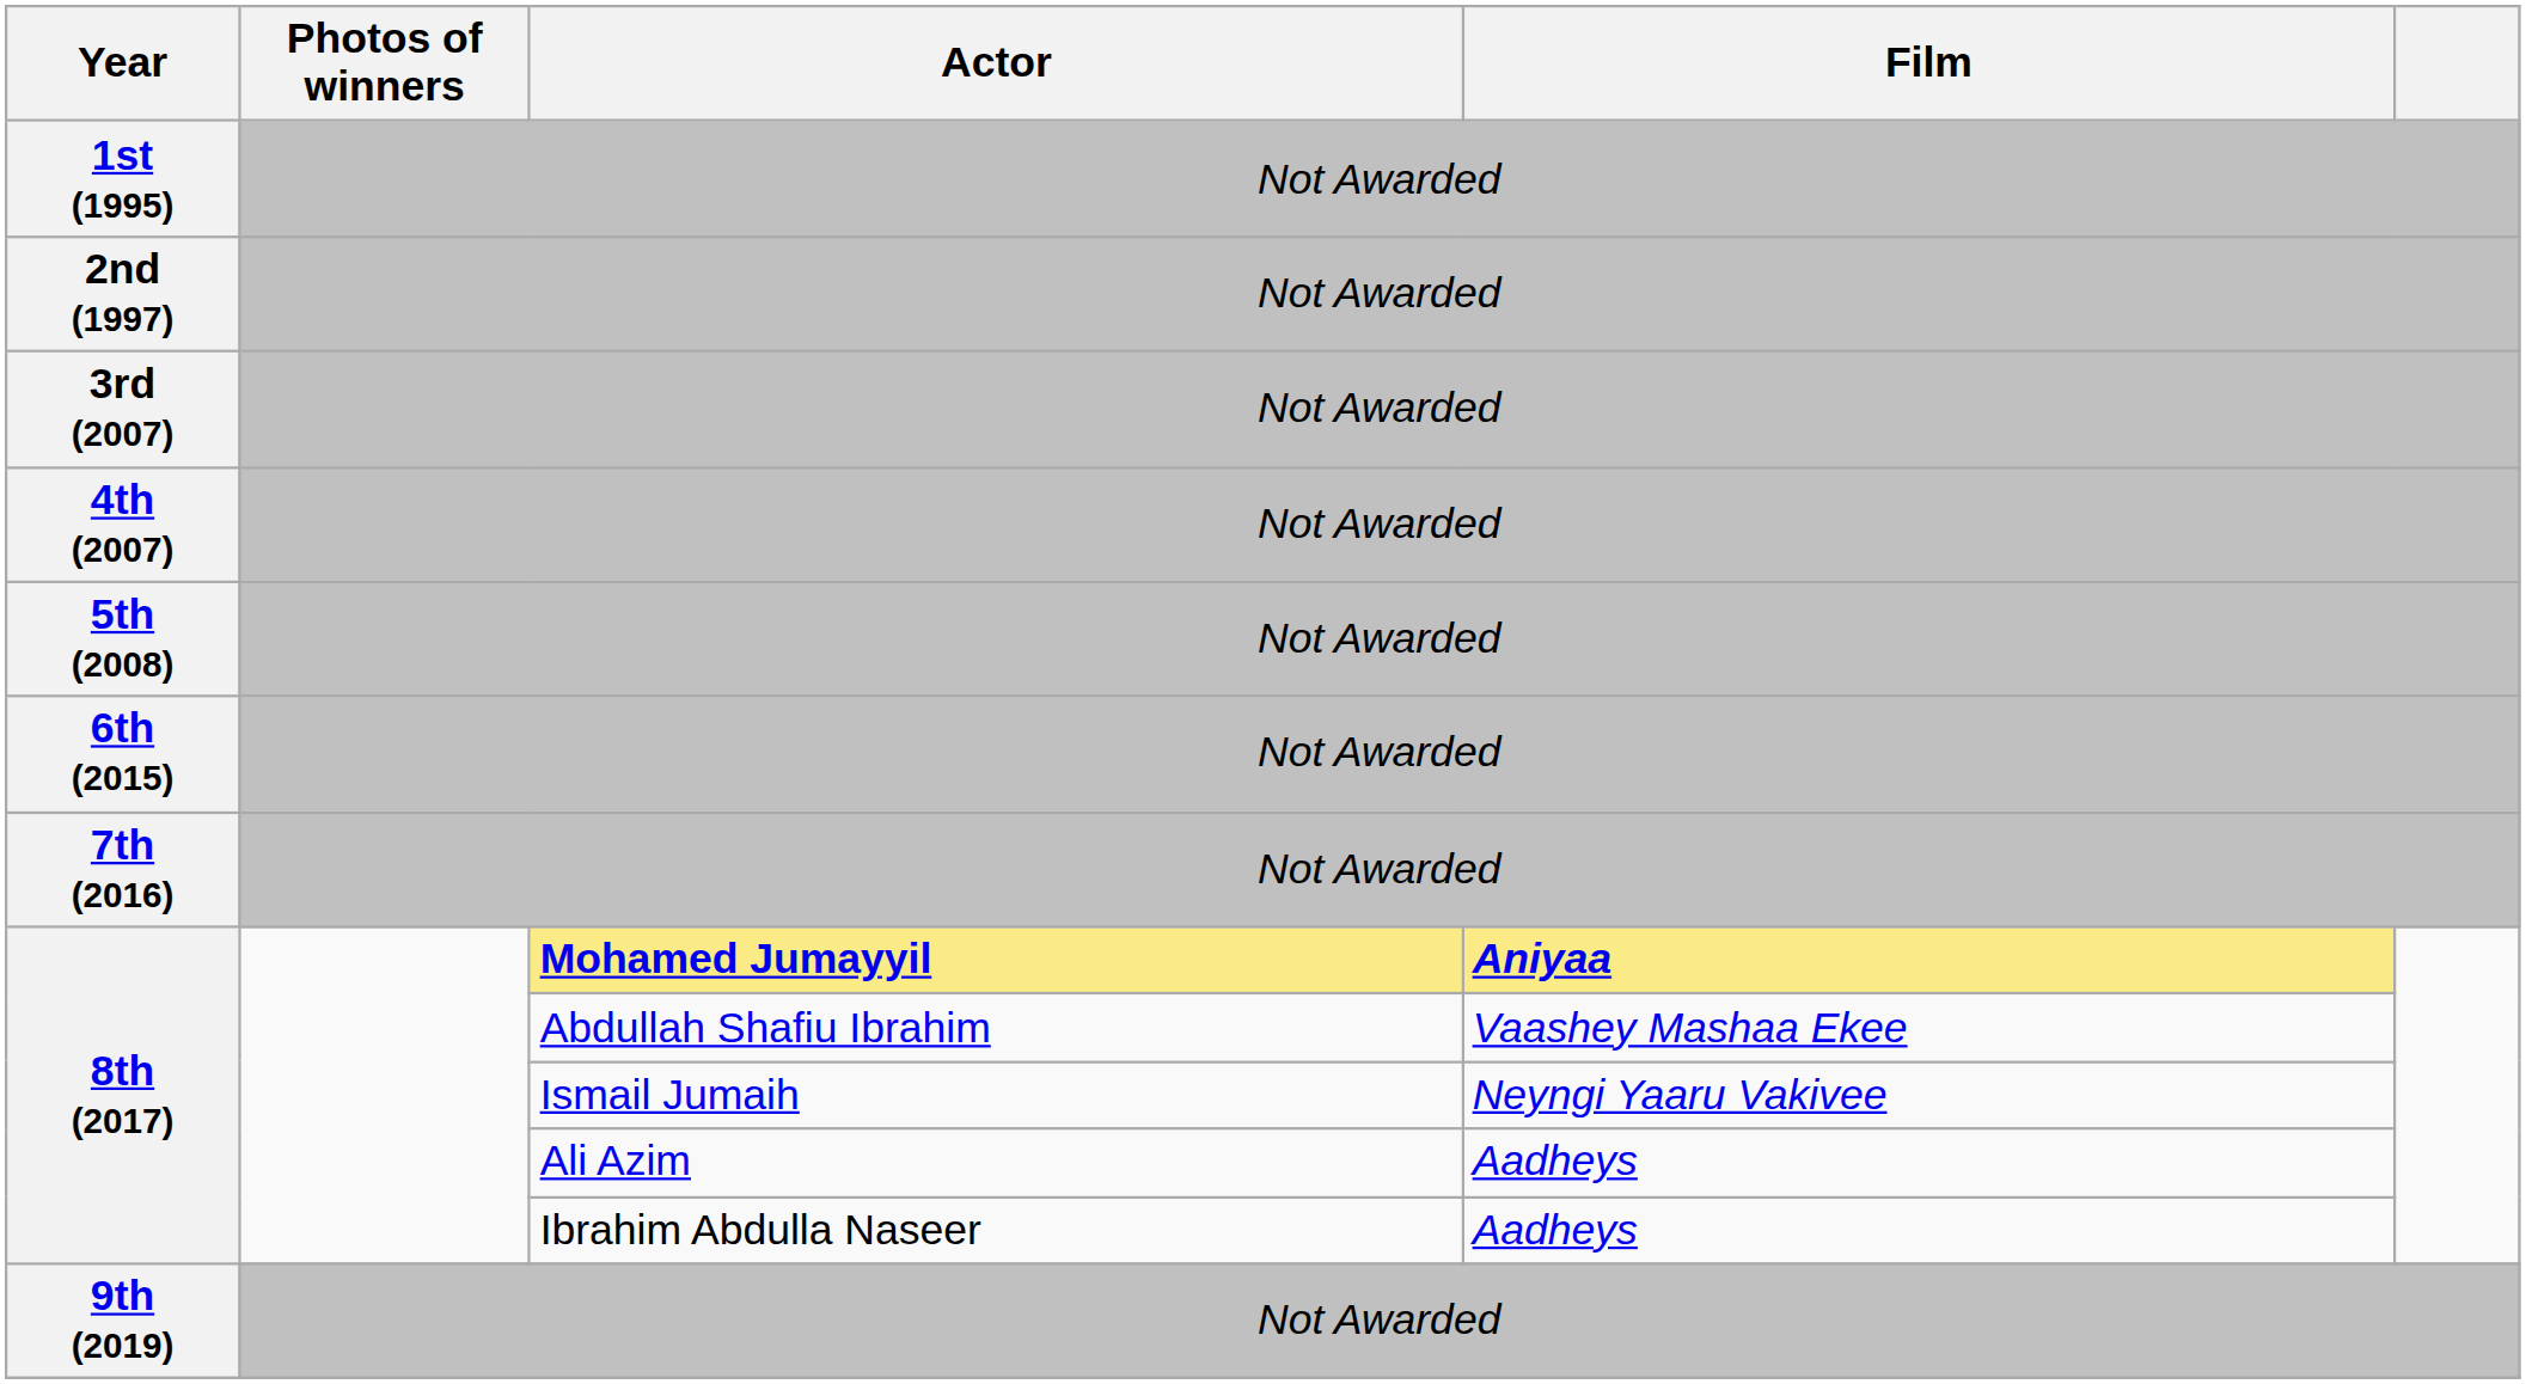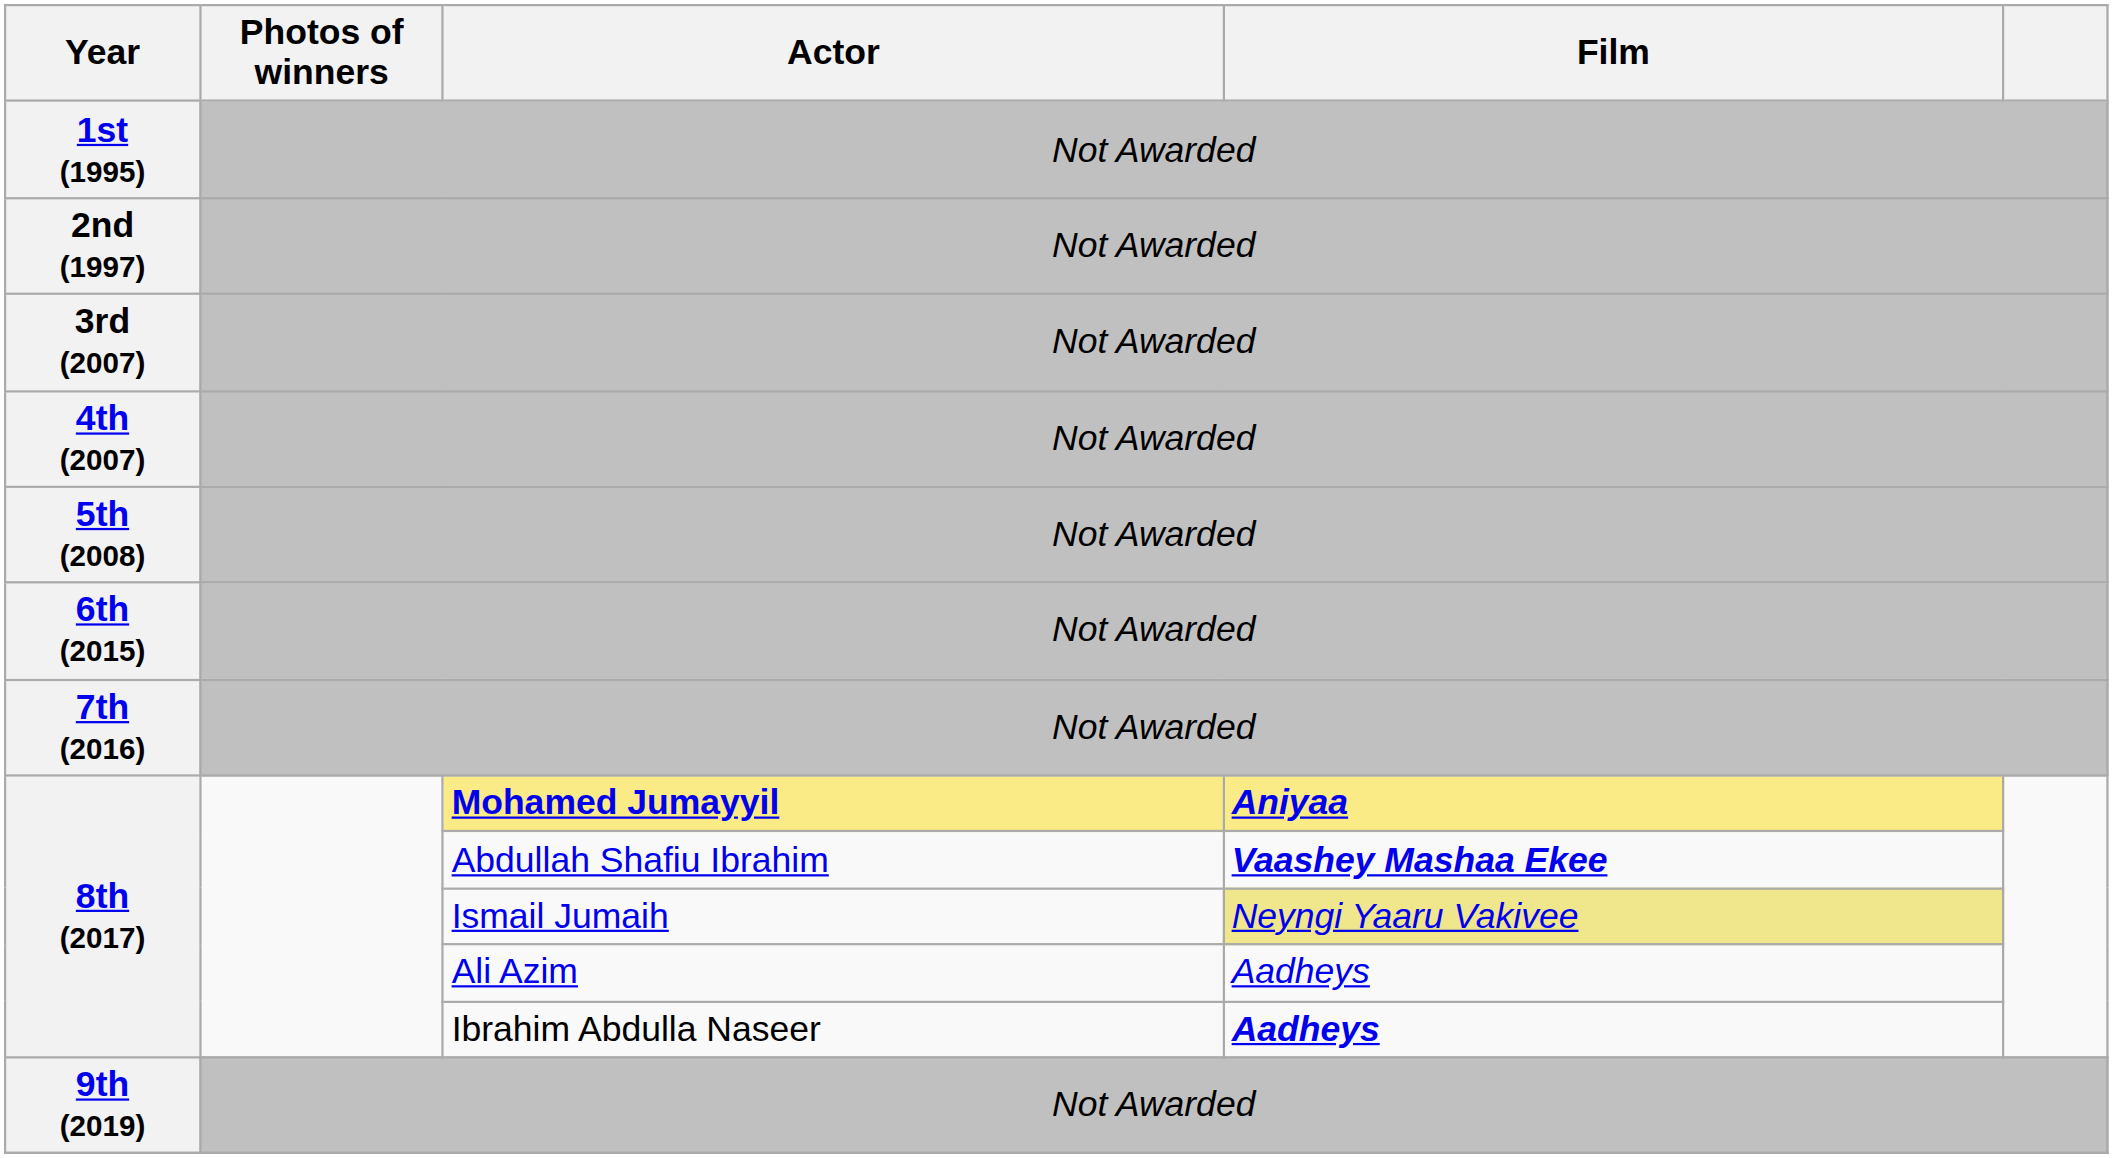 <table class="wikitable sortable" style="width:75%; text-align:left;">
 <tr>
 <th scope="col" style="width:3%; text-align:center;">Year</th>
 <th scope="col" style="width:3%;text-align:center;">Photos of winners</th>
 <th scope="col" style="width:15%;text-align:center;">Actor</th>
 <th scope="col" style="width:15%;text-align:center;">Film</th>
 <th scope="col" style="width:2%" class="unsortable"></th>
 </tr>
 <tr>
 <th scope="row" style="text-align:center"><a href='#'>1st</a><br><small>(1995)</small></th>
 <td bgcolor="#C0C0C0" align="center" colspan="4"><em>Not Awarded</em></td>
 </tr>
 <tr>
 <th scope="row" style="text-align:center">2nd<br><small>(1997)</small></th>
 <td bgcolor="#C0C0C0" align="center" colspan="4"><em>Not Awarded</em></td>
 </tr>
 <tr>
 <th scope="row" style="text-align:center">3rd<br><small>(2007)</small></th>
 <td bgcolor="#C0C0C0" align="center" colspan="4"><em>Not Awarded</em></td>
 </tr>
 <tr>
 <th scope="row" style="text-align:center"><a href='#'>4th</a><br><small>(2007)</small></th>
 <td bgcolor="#C0C0C0" align="center" colspan="4"><em>Not Awarded</em></td>
 </tr>
 <tr>
 <th scope="row" style="text-align:center"><a href='#'>5th</a><br><small>(2008)</small></th>
 <td bgcolor="#C0C0C0" align="center" colspan="4"><em>Not Awarded</em></td>
 </tr>
 <tr>
 <th scope="row" style="text-align:center"><a href='#'>6th</a><br><small>(2015)</small></th>
 <td bgcolor="#C0C0C0" align="center" colspan="4"><em>Not Awarded</em></td>
 </tr>
 <tr>
 <th scope="row" style="text-align:center"><a href='#'>7th</a><br><small>(2016)</small></th>
 <td bgcolor="#C0C0C0" align="center" colspan="4"><em>Not Awarded</em></td>
 </tr>
 <tr>
 <th scope="row" rowspan=5 style="text-align:center"><a href='#'>8th</a><br><small>(2017)</small></th>
 <td rowspan=5 style="text-align:center"></td>
 <td style="background:#FAEB86;"><strong><a href='#'>Mohamed Jumayyil</a></strong></td>
 <td style="background:#FAEB86;"><strong><em><a href='#'>Aniyaa</a></em></strong></td>
 <td rowspan=5 style="text-align: center;"></td>
 </tr>
 <tr>
 <td><a href='#'>Abdullah Shafiu Ibrahim</a></td>
-<td><em><a href='#'>Vaashey Mashaa Ekee</a></em></td>
+<td><strong><em><a href='#'>Vaashey Mashaa Ekee</a></em></strong></td>
 </tr>
 <tr>
 <td><a href='#'>Ismail Jumaih</a></td>
-<td><em><a href='#'>Neyngi Yaaru Vakivee</a></em></td>
+<td style="background: khaki;"><em><a href='#'>Neyngi Yaaru Vakivee</a></em></td>
 </tr>
 <tr>
 <td><a href='#'>Ali Azim</a></td>
 <td><em><a href='#'>Aadheys</a></em></td>
 </tr>
 <tr>
 <td>Ibrahim Abdulla Naseer</td>
-<td><em><a href='#'>Aadheys</a></em></td>
+<td><strong><em><a href='#'>Aadheys</a></em></strong></td>
 </tr>
 <tr>
 <th scope="row" style="text-align:center"><a href='#'>9th</a><br><small>(2019)</small></th>
 <td bgcolor="#C0C0C0" align="center" colspan="4"><em>Not Awarded</em></td>
 </tr>
 <tr>
 </tr>
 </table>
